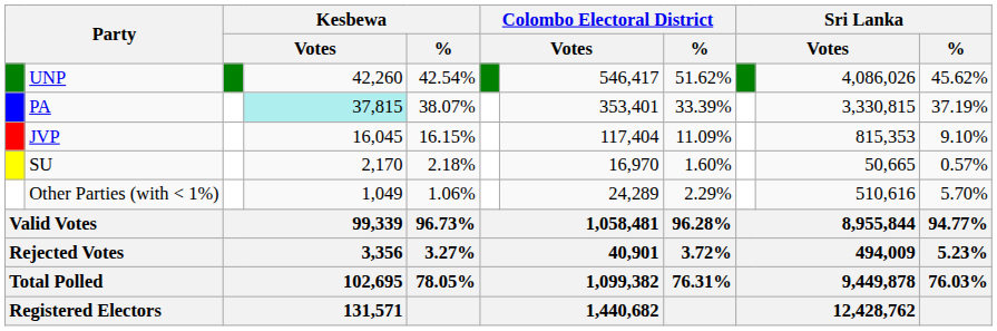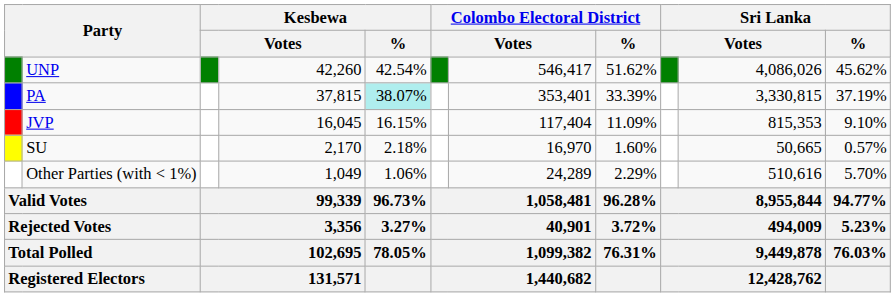 <table class="wikitable">
 <tr>
 <th colspan="2" width="144px"rowspan="2">Party</th>
 <th colspan="3" width="216px">Kesbewa</th>
 <th colspan="3" width="216px"><a href='#'>Colombo Electoral District</a></th>
 <th colspan="3" width="216px">Sri Lanka</th>
 </tr>
 <tr>
 <th colspan="2" width="144px">Votes</th>
 <th>%</th>
 <th colspan="2" width="144px">Votes</th>
 <th>%</th>
 <th colspan="2" width="144px">Votes</th>
 <th>%</th>
 </tr>
 <tr>
 <td style="background-color:green;" width="10px"></td>
 <td style="text-align:left;"><a href='#'>UNP</a></td>
 <td style="background-color:green;" width="10px"></td>
 <td style="text-align:right;">42,260</td>
 <td style="text-align:right;">42.54%</td>
 <td style="background-color:green;" width="10px"></td>
 <td style="text-align:right;">546,417</td>
 <td style="text-align:right;">51.62%</td>
 <td style="background-color:green;" width="10px"></td>
 <td style="text-align:right;">4,086,026</td>
 <td style="text-align:right;">45.62%</td>
 </tr>
 <tr>
 <td style="background-color:blue;" width="10px"></td>
 <td style="text-align:left;"><a href='#'>PA</a></td>
 <td style="background-color:white;" width="10px"></td>
-<td style="background: paleturquoise; text-align:right;">37,815</td>
-<td style="text-align:right;">38.07%</td>
+<td style="text-align:right;">37,815</td>
+<td style="background: paleturquoise; text-align:right;">38.07%</td>
 <td style="background-color:white;" width="10px"></td>
 <td style="text-align:right;">353,401</td>
 <td style="text-align:right;">33.39%</td>
 <td style="background-color:white;" width="10px"></td>
 <td style="text-align:right;">3,330,815</td>
 <td style="text-align:right;">37.19%</td>
 </tr>
 <tr>
 <td style="background-color:red;" width="10px"></td>
 <td style="text-align:left;"><a href='#'>JVP</a></td>
 <td style="background-color:white;" width="10px"></td>
 <td style="text-align:right;">16,045</td>
 <td style="text-align:right;">16.15%</td>
 <td style="background-color:white;" width="10px"></td>
 <td style="text-align:right;">117,404</td>
 <td style="text-align:right;">11.09%</td>
 <td style="background-color:white;" width="10px"></td>
 <td style="text-align:right;">815,353</td>
 <td style="text-align:right;">9.10%</td>
 </tr>
 <tr>
 <td style="background-color:yellow;" width="10px"></td>
 <td style="text-align:left;">SU</td>
 <td style="background-color:white;" width="10px"></td>
 <td style="text-align:right;">2,170</td>
 <td style="text-align:right;">2.18%</td>
 <td style="background-color:white;" width="10px"></td>
 <td style="text-align:right;">16,970</td>
 <td style="text-align:right;">1.60%</td>
 <td style="background-color:white;" width="10px"></td>
 <td style="text-align:right;">50,665</td>
 <td style="text-align:right;">0.57%</td>
 </tr>
 <tr>
 <td style="background-color:white;" width="10px"></td>
 <td style="text-align:left;">Other Parties (with < 1%)</td>
 <td style="background-color:white;" width="10px"></td>
 <td style="text-align:right;">1,049</td>
 <td style="text-align:right;">1.06%</td>
 <td style="background-color:white;" width="10px"></td>
 <td style="text-align:right;">24,289</td>
 <td style="text-align:right;">2.29%</td>
 <td style="background-color:white;" width="10px"></td>
 <td style="text-align:right;">510,616</td>
 <td style="text-align:right;">5.70%</td>
 </tr>
 <tr>
 <th colspan="2" width="144px"style="text-align:left;">Valid Votes</th>
 <th style="text-align:right;"colspan="2" width="144px">99,339</th>
 <th style="text-align:right;">96.73%</th>
 <th style="text-align:right;"colspan="2" width="144px">1,058,481</th>
 <th style="text-align:right;">96.28%</th>
 <th style="text-align:right;"colspan="2" width="144px">8,955,844</th>
 <th style="text-align:right;">94.77%</th>
 </tr>
 <tr>
 <th colspan="2" width="144px"style="text-align:left;">Rejected Votes</th>
 <th style="text-align:right;"colspan="2" width="144px">3,356</th>
 <th style="text-align:right;">3.27%</th>
 <th style="text-align:right;"colspan="2" width="144px">40,901</th>
 <th style="text-align:right;">3.72%</th>
 <th style="text-align:right;"colspan="2" width="144px">494,009</th>
 <th style="text-align:right;">5.23%</th>
 </tr>
 <tr>
 <th colspan="2" width="144px"style="text-align:left;">Total Polled</th>
 <th style="text-align:right;"colspan="2" width="144px">102,695</th>
 <th style="text-align:right;">78.05%</th>
 <th style="text-align:right;"colspan="2" width="144px">1,099,382</th>
 <th style="text-align:right;">76.31%</th>
 <th style="text-align:right;"colspan="2" width="144px">9,449,878</th>
 <th style="text-align:right;">76.03%</th>
 </tr>
 <tr>
 <th colspan="2" width="144px"style="text-align:left;">Registered Electors</th>
 <th style="text-align:right;"colspan="2" width="144px">131,571</th>
 <th></th>
 <th style="text-align:right;"colspan="2" width="144px">1,440,682</th>
 <th></th>
 <th style="text-align:right;"colspan="2" width="144px">12,428,762</th>
 <th></th>
 </tr>
 </table>
